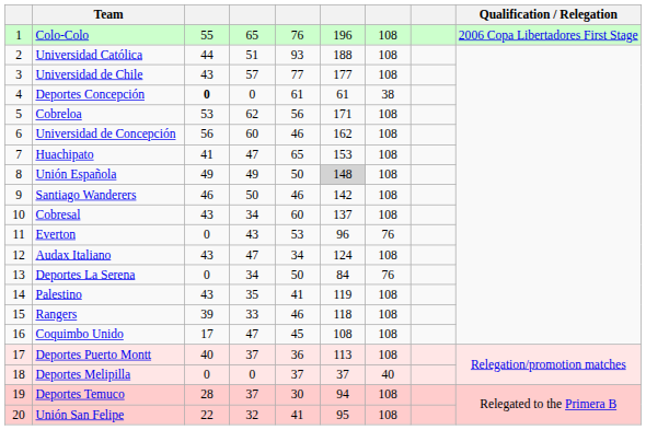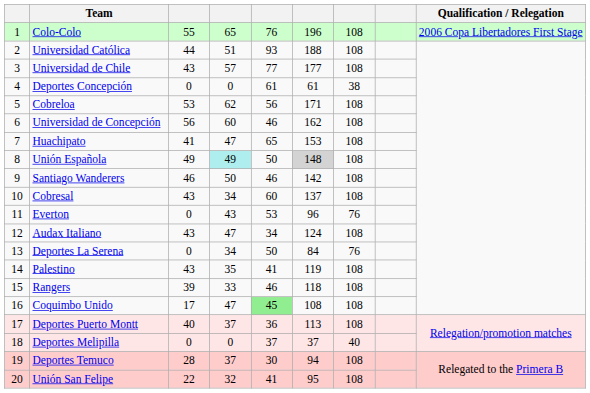 <table class="wikitable" style="text-align: center;">
 <tr>
 <th width=28><br></th>
 <th width=185>Team</th>
 <th width=50></th>
 <th width=50></th>
 <th width=50></th>
 <th width=50></th>
 <th width=50></th>
 <th width=50><br></th>
 <th>Qualification / Relegation</th>
 </tr>
 <tr bgcolor=#CCFFCC>
 <td>1</td>
 <td align="left"><a href='#'>Colo-Colo</a></td>
 <td>55</td>
 <td>65</td>
 <td>76</td>
 <td>196</td>
 <td>108</td>
 <td><strong></strong></td>
 <td><a href='#'>2006 Copa Libertadores First Stage</a></td>
 </tr>
 <tr>
 <td>2</td>
 <td align="left"><a href='#'>Universidad Católica</a></td>
 <td>44</td>
 <td>51</td>
 <td>93</td>
 <td>188</td>
 <td>108</td>
 <td><strong></strong></td>
 </tr>
 <tr>
 <td>3</td>
 <td align="left"><a href='#'>Universidad de Chile</a></td>
 <td>43</td>
 <td>57</td>
 <td>77</td>
 <td>177</td>
 <td>108</td>
 <td><strong></strong></td>
 </tr>
 <tr>
 <td>4</td>
 <td align="left"><a href='#'>Deportes Concepción</a></td>
-<td><strong>0</strong></td>
+<td>0</td>
 <td>0</td>
 <td>61</td>
 <td>61</td>
 <td>38</td>
 <td><strong></strong></td>
 </tr>
 <tr>
 <td>5</td>
 <td align="left"><a href='#'>Cobreloa</a></td>
 <td>53</td>
 <td>62</td>
 <td>56</td>
 <td>171</td>
 <td>108</td>
 <td><strong></strong></td>
 </tr>
 <tr>
 <td>6</td>
 <td align="left"><a href='#'>Universidad de Concepción</a></td>
 <td>56</td>
 <td>60</td>
 <td>46</td>
 <td>162</td>
 <td>108</td>
 <td><strong></strong></td>
 </tr>
 <tr>
 <td>7</td>
 <td align="left"><a href='#'>Huachipato</a></td>
 <td>41</td>
 <td>47</td>
 <td>65</td>
 <td>153</td>
 <td>108</td>
 <td><strong></strong></td>
 </tr>
 <tr>
 <td>8</td>
 <td align="left"><a href='#'>Unión Española</a></td>
 <td>49</td>
-<td>49</td>
+<td style="background: paleturquoise;">49</td>
 <td>50</td>
 <td style="background: lightgrey;">148</td>
 <td>108</td>
 <td><strong></strong></td>
 </tr>
 <tr>
 <td>9</td>
 <td align="left"><a href='#'>Santiago Wanderers</a></td>
 <td>46</td>
 <td>50</td>
 <td>46</td>
 <td>142</td>
 <td>108</td>
 <td><strong></strong></td>
 </tr>
 <tr>
 <td>10</td>
 <td align="left"><a href='#'>Cobresal</a></td>
 <td>43</td>
 <td>34</td>
 <td>60</td>
 <td>137</td>
 <td>108</td>
 <td><strong></strong></td>
 </tr>
 <tr>
 <td>11</td>
 <td align="left"><a href='#'>Everton</a></td>
 <td>0</td>
 <td>43</td>
 <td>53</td>
 <td>96</td>
 <td>76</td>
 <td><strong></strong></td>
 </tr>
 <tr>
 <td>12</td>
 <td align="left"><a href='#'>Audax Italiano</a></td>
 <td>43</td>
 <td>47</td>
 <td>34</td>
 <td>124</td>
 <td>108</td>
 <td><strong></strong></td>
 </tr>
 <tr>
 <td>13</td>
 <td align="left"><a href='#'>Deportes La Serena</a></td>
 <td>0</td>
 <td>34</td>
 <td>50</td>
 <td>84</td>
 <td>76</td>
 <td><strong></strong></td>
 </tr>
 <tr>
 <td>14</td>
 <td align="left"><a href='#'>Palestino</a></td>
 <td>43</td>
 <td>35</td>
 <td>41</td>
 <td>119</td>
 <td>108</td>
 <td><strong></strong></td>
 </tr>
 <tr>
 <td>15</td>
 <td align="left"><a href='#'>Rangers</a></td>
 <td>39</td>
 <td>33</td>
 <td>46</td>
 <td>118</td>
 <td>108</td>
 <td><strong></strong></td>
 </tr>
 <tr>
 <td>16</td>
 <td align="left"><a href='#'>Coquimbo Unido</a></td>
 <td>17</td>
 <td>47</td>
-<td>45</td>
+<td style="background: lightgreen;">45</td>
 <td>108</td>
 <td>108</td>
 <td><strong></strong></td>
 </tr>
 <tr bgcolor=#FFE6E6>
 <td>17</td>
 <td align="left"><a href='#'>Deportes Puerto Montt</a></td>
 <td>40</td>
 <td>37</td>
 <td>36</td>
 <td>113</td>
 <td>108</td>
 <td><strong></strong></td>
 <td rowspan=2><a href='#'>Relegation/promotion matches</a></td>
 </tr>
 <tr bgcolor=#FFE6E6>
 <td>18</td>
 <td align="left"><a href='#'>Deportes Melipilla</a></td>
 <td>0</td>
 <td>0</td>
 <td>37</td>
 <td>37</td>
 <td>40</td>
 <td><strong></strong></td>
 </tr>
 <tr bgcolor=#FFCCCC>
 <td>19</td>
 <td align="left"><a href='#'>Deportes Temuco</a></td>
 <td>28</td>
 <td>37</td>
 <td>30</td>
 <td>94</td>
 <td>108</td>
 <td><strong></strong></td>
 <td rowspan=2>Relegated to the <a href='#'>Primera B</a></td>
 </tr>
 <tr bgcolor=#FFCCCC>
 <td>20</td>
 <td align="left"><a href='#'>Unión San Felipe</a></td>
 <td>22</td>
 <td>32</td>
 <td>41</td>
 <td>95</td>
 <td>108</td>
 <td><strong></strong></td>
 </tr>
 </table>
